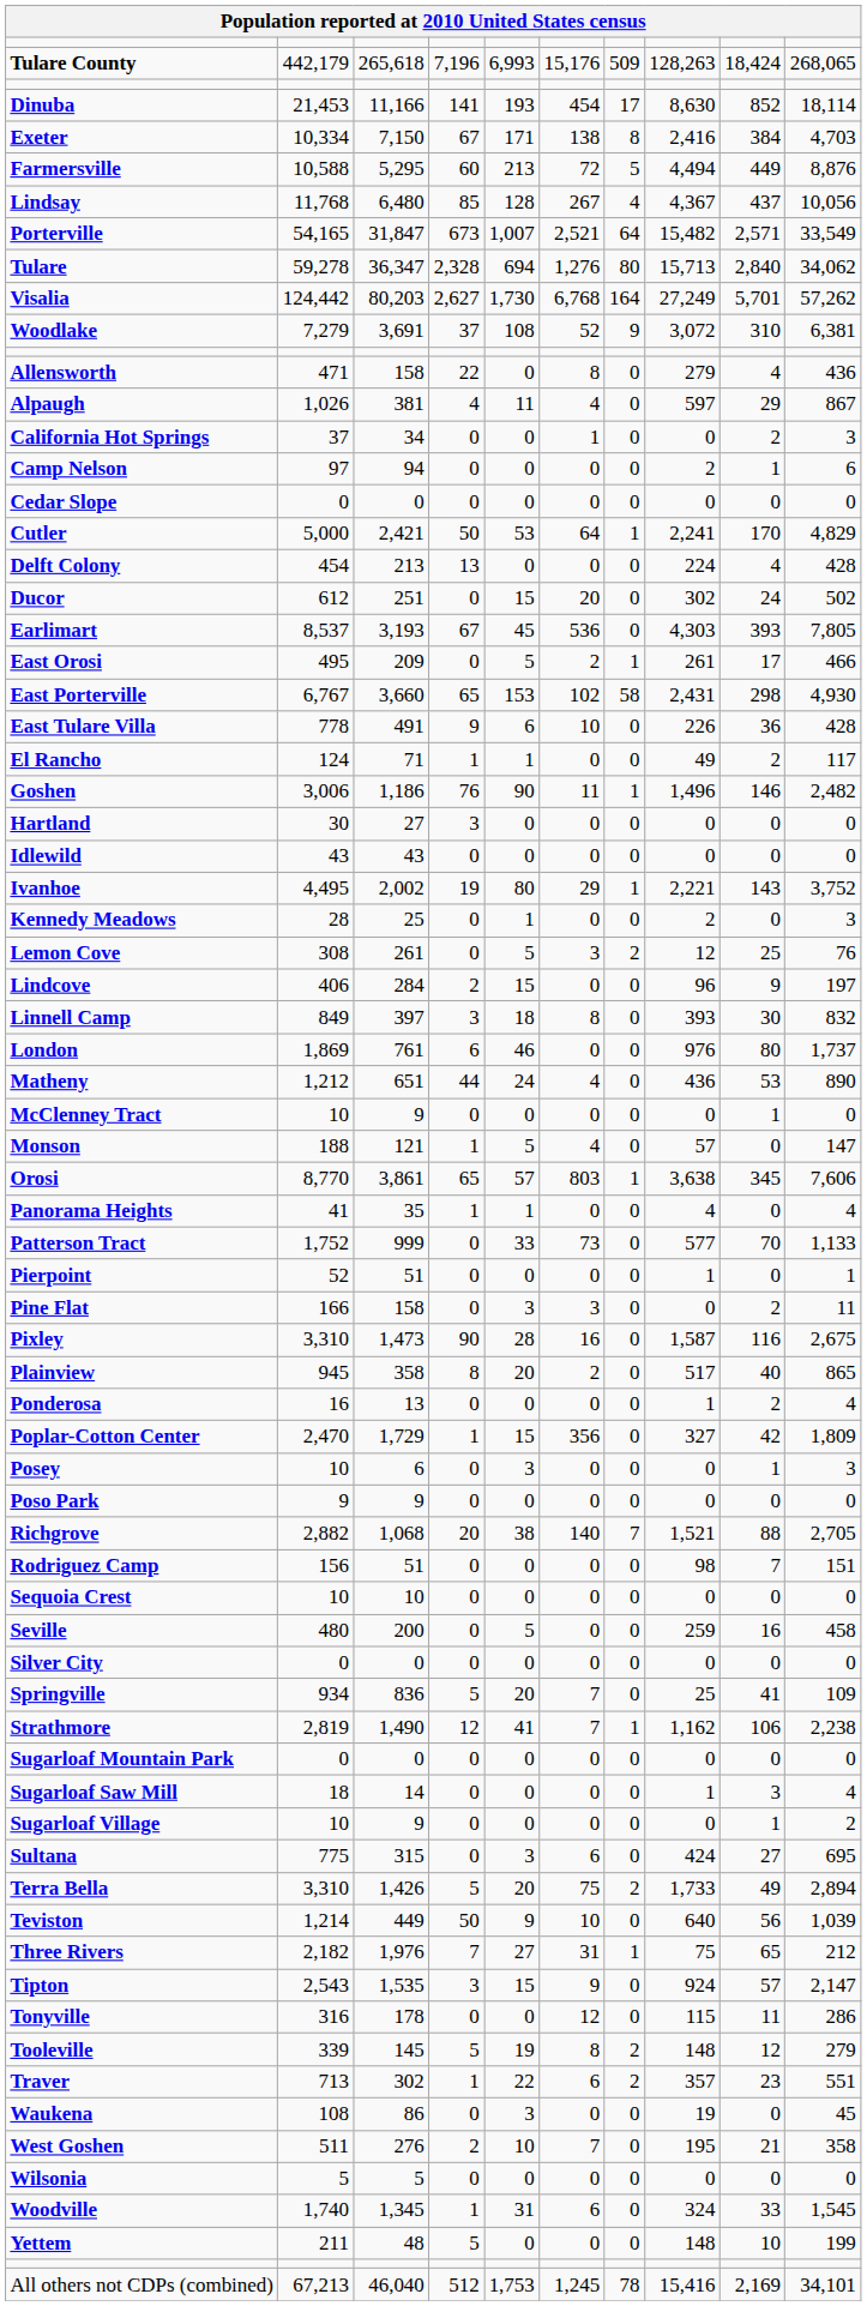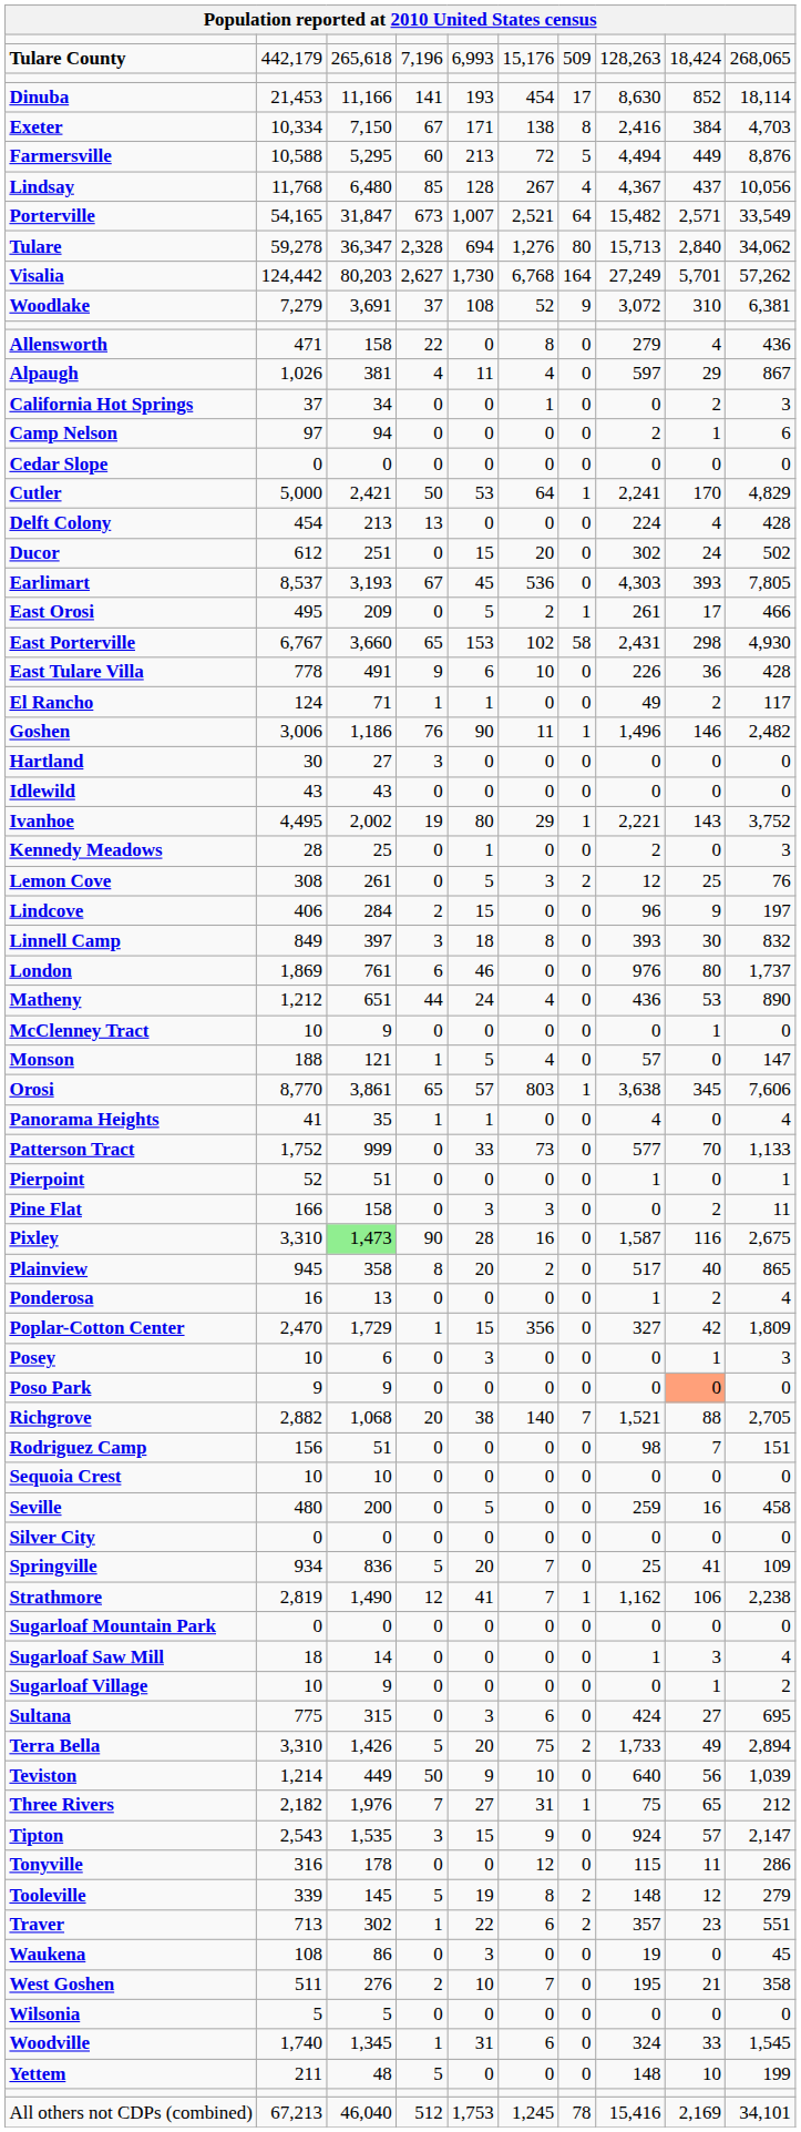 <table class="wikitable collapsible collapsed">
 <tr>
 <th colspan=10>Population reported at <a href='#'>2010 United States census</a></th>
 </tr>
 <tr>
 <td></td>
 <td></td>
 <td></td>
 <td></td>
 <td></td>
 <td></td>
 <td></td>
 <td></td>
 <td></td>
 <td></td>
 </tr>
 <tr>
 <td><strong> Tulare County</strong></td>
 <td align="right">442,179</td>
 <td align="right">265,618</td>
 <td align="right">7,196</td>
 <td align="right">6,993</td>
 <td align="right">15,176</td>
 <td align="right">509</td>
 <td align="right">128,263</td>
 <td align="right">18,424</td>
 <td align="right">268,065</td>
 </tr>
 <tr>
 <td></td>
 <td></td>
 <td></td>
 <td></td>
 <td></td>
 <td></td>
 <td></td>
 <td></td>
 <td></td>
 <td></td>
 </tr>
 <tr>
 <td><strong><a href='#'>Dinuba</a></strong></td>
 <td align="right">21,453</td>
 <td align="right">11,166</td>
 <td align="right">141</td>
 <td align="right">193</td>
 <td align="right">454</td>
 <td align="right">17</td>
 <td align="right">8,630</td>
 <td align="right">852</td>
 <td align="right">18,114</td>
 </tr>
 <tr>
 <td><strong><a href='#'>Exeter</a></strong></td>
 <td align="right">10,334</td>
 <td align="right">7,150</td>
 <td align="right">67</td>
 <td align="right">171</td>
 <td align="right">138</td>
 <td align="right">8</td>
 <td align="right">2,416</td>
 <td align="right">384</td>
 <td align="right">4,703</td>
 </tr>
 <tr>
 <td><strong><a href='#'>Farmersville</a></strong></td>
 <td align="right">10,588</td>
 <td align="right">5,295</td>
 <td align="right">60</td>
 <td align="right">213</td>
 <td align="right">72</td>
 <td align="right">5</td>
 <td align="right">4,494</td>
 <td align="right">449</td>
 <td align="right">8,876</td>
 </tr>
 <tr>
 <td><strong><a href='#'>Lindsay</a></strong></td>
 <td align="right">11,768</td>
 <td align="right">6,480</td>
 <td align="right">85</td>
 <td align="right">128</td>
 <td align="right">267</td>
 <td align="right">4</td>
 <td align="right">4,367</td>
 <td align="right">437</td>
 <td align="right">10,056</td>
 </tr>
 <tr>
 <td><strong><a href='#'>Porterville</a></strong></td>
 <td align="right">54,165</td>
 <td align="right">31,847</td>
 <td align="right">673</td>
 <td align="right">1,007</td>
 <td align="right">2,521</td>
 <td align="right">64</td>
 <td align="right">15,482</td>
 <td align="right">2,571</td>
 <td align="right">33,549</td>
 </tr>
 <tr>
 <td><strong><a href='#'>Tulare</a></strong></td>
 <td align="right">59,278</td>
 <td align="right">36,347</td>
 <td align="right">2,328</td>
 <td align="right">694</td>
 <td align="right">1,276</td>
 <td align="right">80</td>
 <td align="right">15,713</td>
 <td align="right">2,840</td>
 <td align="right">34,062</td>
 </tr>
 <tr>
 <td><strong><a href='#'>Visalia</a></strong></td>
 <td align="right">124,442</td>
 <td align="right">80,203</td>
 <td align="right">2,627</td>
 <td align="right">1,730</td>
 <td align="right">6,768</td>
 <td align="right">164</td>
 <td align="right">27,249</td>
 <td align="right">5,701</td>
 <td align="right">57,262</td>
 </tr>
 <tr>
 <td><strong><a href='#'>Woodlake</a></strong></td>
 <td align="right">7,279</td>
 <td align="right">3,691</td>
 <td align="right">37</td>
 <td align="right">108</td>
 <td align="right">52</td>
 <td align="right">9</td>
 <td align="right">3,072</td>
 <td align="right">310</td>
 <td align="right">6,381</td>
 </tr>
 <tr>
 <td></td>
 <td></td>
 <td></td>
 <td></td>
 <td></td>
 <td></td>
 <td></td>
 <td></td>
 <td></td>
 <td></td>
 </tr>
 <tr>
 <td><strong><a href='#'>Allensworth</a></strong></td>
 <td align="right">471</td>
 <td align="right">158</td>
 <td align="right">22</td>
 <td align="right">0</td>
 <td align="right">8</td>
 <td align="right">0</td>
 <td align="right">279</td>
 <td align="right">4</td>
 <td align="right">436</td>
 </tr>
 <tr>
 <td><strong><a href='#'>Alpaugh</a></strong></td>
 <td align="right">1,026</td>
 <td align="right">381</td>
 <td align="right">4</td>
 <td align="right">11</td>
 <td align="right">4</td>
 <td align="right">0</td>
 <td align="right">597</td>
 <td align="right">29</td>
 <td align="right">867</td>
 </tr>
 <tr>
 <td><strong><a href='#'>California Hot Springs</a></strong></td>
 <td align="right">37</td>
 <td align="right">34</td>
 <td align="right">0</td>
 <td align="right">0</td>
 <td align="right">1</td>
 <td align="right">0</td>
 <td align="right">0</td>
 <td align="right">2</td>
 <td align="right">3</td>
 </tr>
 <tr>
 <td><strong><a href='#'>Camp Nelson</a></strong></td>
 <td align="right">97</td>
 <td align="right">94</td>
 <td align="right">0</td>
 <td align="right">0</td>
 <td align="right">0</td>
 <td align="right">0</td>
 <td align="right">2</td>
 <td align="right">1</td>
 <td align="right">6</td>
 </tr>
 <tr>
 <td><strong><a href='#'>Cedar Slope</a></strong></td>
 <td align="right">0</td>
 <td align="right">0</td>
 <td align="right">0</td>
 <td align="right">0</td>
 <td align="right">0</td>
 <td align="right">0</td>
 <td align="right">0</td>
 <td align="right">0</td>
 <td align="right">0</td>
 </tr>
 <tr>
 <td><strong><a href='#'>Cutler</a></strong></td>
 <td align="right">5,000</td>
 <td align="right">2,421</td>
 <td align="right">50</td>
 <td align="right">53</td>
 <td align="right">64</td>
 <td align="right">1</td>
 <td align="right">2,241</td>
 <td align="right">170</td>
 <td align="right">4,829</td>
 </tr>
 <tr>
 <td><strong><a href='#'>Delft Colony</a></strong></td>
 <td align="right">454</td>
 <td align="right">213</td>
 <td align="right">13</td>
 <td align="right">0</td>
 <td align="right">0</td>
 <td align="right">0</td>
 <td align="right">224</td>
 <td align="right">4</td>
 <td align="right">428</td>
 </tr>
 <tr>
 <td><strong><a href='#'>Ducor</a></strong></td>
 <td align="right">612</td>
 <td align="right">251</td>
 <td align="right">0</td>
 <td align="right">15</td>
 <td align="right">20</td>
 <td align="right">0</td>
 <td align="right">302</td>
 <td align="right">24</td>
 <td align="right">502</td>
 </tr>
 <tr>
 <td><strong><a href='#'>Earlimart</a></strong></td>
 <td align="right">8,537</td>
 <td align="right">3,193</td>
 <td align="right">67</td>
 <td align="right">45</td>
 <td align="right">536</td>
 <td align="right">0</td>
 <td align="right">4,303</td>
 <td align="right">393</td>
 <td align="right">7,805</td>
 </tr>
 <tr>
 <td><strong><a href='#'>East Orosi</a></strong></td>
 <td align="right">495</td>
 <td align="right">209</td>
 <td align="right">0</td>
 <td align="right">5</td>
 <td align="right">2</td>
 <td align="right">1</td>
 <td align="right">261</td>
 <td align="right">17</td>
 <td align="right">466</td>
 </tr>
 <tr>
 <td><strong><a href='#'>East Porterville</a></strong></td>
 <td align="right">6,767</td>
 <td align="right">3,660</td>
 <td align="right">65</td>
 <td align="right">153</td>
 <td align="right">102</td>
 <td align="right">58</td>
 <td align="right">2,431</td>
 <td align="right">298</td>
 <td align="right">4,930</td>
 </tr>
 <tr>
 <td><strong><a href='#'>East Tulare Villa</a></strong></td>
 <td align="right">778</td>
 <td align="right">491</td>
 <td align="right">9</td>
 <td align="right">6</td>
 <td align="right">10</td>
 <td align="right">0</td>
 <td align="right">226</td>
 <td align="right">36</td>
 <td align="right">428</td>
 </tr>
 <tr>
 <td><strong><a href='#'>El Rancho</a></strong></td>
 <td align="right">124</td>
 <td align="right">71</td>
 <td align="right">1</td>
 <td align="right">1</td>
 <td align="right">0</td>
 <td align="right">0</td>
 <td align="right">49</td>
 <td align="right">2</td>
 <td align="right">117</td>
 </tr>
 <tr>
 <td><strong><a href='#'>Goshen</a></strong></td>
 <td align="right">3,006</td>
 <td align="right">1,186</td>
 <td align="right">76</td>
 <td align="right">90</td>
 <td align="right">11</td>
 <td align="right">1</td>
 <td align="right">1,496</td>
 <td align="right">146</td>
 <td align="right">2,482</td>
 </tr>
 <tr>
 <td><strong><a href='#'>Hartland</a></strong></td>
 <td align="right">30</td>
 <td align="right">27</td>
 <td align="right">3</td>
 <td align="right">0</td>
 <td align="right">0</td>
 <td align="right">0</td>
 <td align="right">0</td>
 <td align="right">0</td>
 <td align="right">0</td>
 </tr>
 <tr>
 <td><strong><a href='#'>Idlewild</a></strong></td>
 <td align="right">43</td>
 <td align="right">43</td>
 <td align="right">0</td>
 <td align="right">0</td>
 <td align="right">0</td>
 <td align="right">0</td>
 <td align="right">0</td>
 <td align="right">0</td>
 <td align="right">0</td>
 </tr>
 <tr>
 <td><strong><a href='#'>Ivanhoe</a></strong></td>
 <td align="right">4,495</td>
 <td align="right">2,002</td>
 <td align="right">19</td>
 <td align="right">80</td>
 <td align="right">29</td>
 <td align="right">1</td>
 <td align="right">2,221</td>
 <td align="right">143</td>
 <td align="right">3,752</td>
 </tr>
 <tr>
 <td><strong><a href='#'>Kennedy Meadows</a></strong></td>
 <td align="right">28</td>
 <td align="right">25</td>
 <td align="right">0</td>
 <td align="right">1</td>
 <td align="right">0</td>
 <td align="right">0</td>
 <td align="right">2</td>
 <td align="right">0</td>
 <td align="right">3</td>
 </tr>
 <tr>
 <td><strong><a href='#'>Lemon Cove</a></strong></td>
 <td align="right">308</td>
 <td align="right">261</td>
 <td align="right">0</td>
 <td align="right">5</td>
 <td align="right">3</td>
 <td align="right">2</td>
 <td align="right">12</td>
 <td align="right">25</td>
 <td align="right">76</td>
 </tr>
 <tr>
 <td><strong><a href='#'>Lindcove</a></strong></td>
 <td align="right">406</td>
 <td align="right">284</td>
 <td align="right">2</td>
 <td align="right">15</td>
 <td align="right">0</td>
 <td align="right">0</td>
 <td align="right">96</td>
 <td align="right">9</td>
 <td align="right">197</td>
 </tr>
 <tr>
 <td><strong><a href='#'>Linnell Camp</a></strong></td>
 <td align="right">849</td>
 <td align="right">397</td>
 <td align="right">3</td>
 <td align="right">18</td>
 <td align="right">8</td>
 <td align="right">0</td>
 <td align="right">393</td>
 <td align="right">30</td>
 <td align="right">832</td>
 </tr>
 <tr>
 <td><strong><a href='#'>London</a></strong></td>
 <td align="right">1,869</td>
 <td align="right">761</td>
 <td align="right">6</td>
 <td align="right">46</td>
 <td align="right">0</td>
 <td align="right">0</td>
 <td align="right">976</td>
 <td align="right">80</td>
 <td align="right">1,737</td>
 </tr>
 <tr>
 <td><strong><a href='#'>Matheny</a></strong></td>
 <td align="right">1,212</td>
 <td align="right">651</td>
 <td align="right">44</td>
 <td align="right">24</td>
 <td align="right">4</td>
 <td align="right">0</td>
 <td align="right">436</td>
 <td align="right">53</td>
 <td align="right">890</td>
 </tr>
 <tr>
 <td><strong><a href='#'>McClenney Tract</a></strong></td>
 <td align="right">10</td>
 <td align="right">9</td>
 <td align="right">0</td>
 <td align="right">0</td>
 <td align="right">0</td>
 <td align="right">0</td>
 <td align="right">0</td>
 <td align="right">1</td>
 <td align="right">0</td>
 </tr>
 <tr>
 <td><strong><a href='#'>Monson</a></strong></td>
 <td align="right">188</td>
 <td align="right">121</td>
 <td align="right">1</td>
 <td align="right">5</td>
 <td align="right">4</td>
 <td align="right">0</td>
 <td align="right">57</td>
 <td align="right">0</td>
 <td align="right">147</td>
 </tr>
 <tr>
 <td><strong><a href='#'>Orosi</a></strong></td>
 <td align="right">8,770</td>
 <td align="right">3,861</td>
 <td align="right">65</td>
 <td align="right">57</td>
 <td align="right">803</td>
 <td align="right">1</td>
 <td align="right">3,638</td>
 <td align="right">345</td>
 <td align="right">7,606</td>
 </tr>
 <tr>
 <td><strong><a href='#'>Panorama Heights</a></strong></td>
 <td align="right">41</td>
 <td align="right">35</td>
 <td align="right">1</td>
 <td align="right">1</td>
 <td align="right">0</td>
 <td align="right">0</td>
 <td align="right">4</td>
 <td align="right">0</td>
 <td align="right">4</td>
 </tr>
 <tr>
 <td><strong><a href='#'>Patterson Tract</a></strong></td>
 <td align="right">1,752</td>
 <td align="right">999</td>
 <td align="right">0</td>
 <td align="right">33</td>
 <td align="right">73</td>
 <td align="right">0</td>
 <td align="right">577</td>
 <td align="right">70</td>
 <td align="right">1,133</td>
 </tr>
 <tr>
 <td><strong><a href='#'>Pierpoint</a></strong></td>
 <td align="right">52</td>
 <td align="right">51</td>
 <td align="right">0</td>
 <td align="right">0</td>
 <td align="right">0</td>
 <td align="right">0</td>
 <td align="right">1</td>
 <td align="right">0</td>
 <td align="right">1</td>
 </tr>
 <tr>
 <td><strong><a href='#'>Pine Flat</a></strong></td>
 <td align="right">166</td>
 <td align="right">158</td>
 <td align="right">0</td>
 <td align="right">3</td>
 <td align="right">3</td>
 <td align="right">0</td>
 <td align="right">0</td>
 <td align="right">2</td>
 <td align="right">11</td>
 </tr>
 <tr>
 <td><strong><a href='#'>Pixley</a></strong></td>
 <td align="right">3,310</td>
-<td align="right">1,473</td>
+<td align="right" style="background: lightgreen;">1,473</td>
 <td align="right">90</td>
 <td align="right">28</td>
 <td align="right">16</td>
 <td align="right">0</td>
 <td align="right">1,587</td>
 <td align="right">116</td>
 <td align="right">2,675</td>
 </tr>
 <tr>
 <td><strong><a href='#'>Plainview</a></strong></td>
 <td align="right">945</td>
 <td align="right">358</td>
 <td align="right">8</td>
 <td align="right">20</td>
 <td align="right">2</td>
 <td align="right">0</td>
 <td align="right">517</td>
 <td align="right">40</td>
 <td align="right">865</td>
 </tr>
 <tr>
 <td><strong><a href='#'>Ponderosa</a></strong></td>
 <td align="right">16</td>
 <td align="right">13</td>
 <td align="right">0</td>
 <td align="right">0</td>
 <td align="right">0</td>
 <td align="right">0</td>
 <td align="right">1</td>
 <td align="right">2</td>
 <td align="right">4</td>
 </tr>
 <tr>
 <td><strong><a href='#'>Poplar-Cotton Center</a></strong></td>
 <td align="right">2,470</td>
 <td align="right">1,729</td>
 <td align="right">1</td>
 <td align="right">15</td>
 <td align="right">356</td>
 <td align="right">0</td>
 <td align="right">327</td>
 <td align="right">42</td>
 <td align="right">1,809</td>
 </tr>
 <tr>
 <td><strong><a href='#'>Posey</a></strong></td>
 <td align="right">10</td>
 <td align="right">6</td>
 <td align="right">0</td>
 <td align="right">3</td>
 <td align="right">0</td>
 <td align="right">0</td>
 <td align="right">0</td>
 <td align="right">1</td>
 <td align="right">3</td>
 </tr>
 <tr>
 <td><strong><a href='#'>Poso Park</a></strong></td>
 <td align="right">9</td>
 <td align="right">9</td>
 <td align="right">0</td>
 <td align="right">0</td>
 <td align="right">0</td>
 <td align="right">0</td>
 <td align="right">0</td>
-<td align="right">0</td>
+<td align="right" style="background: lightsalmon;">0</td>
 <td align="right">0</td>
 </tr>
 <tr>
 <td><strong><a href='#'>Richgrove</a></strong></td>
 <td align="right">2,882</td>
 <td align="right">1,068</td>
 <td align="right">20</td>
 <td align="right">38</td>
 <td align="right">140</td>
 <td align="right">7</td>
 <td align="right">1,521</td>
 <td align="right">88</td>
 <td align="right">2,705</td>
 </tr>
 <tr>
 <td><strong><a href='#'>Rodriguez Camp</a></strong></td>
 <td align="right">156</td>
 <td align="right">51</td>
 <td align="right">0</td>
 <td align="right">0</td>
 <td align="right">0</td>
 <td align="right">0</td>
 <td align="right">98</td>
 <td align="right">7</td>
 <td align="right">151</td>
 </tr>
 <tr>
 <td><strong><a href='#'>Sequoia Crest</a></strong></td>
 <td align="right">10</td>
 <td align="right">10</td>
 <td align="right">0</td>
 <td align="right">0</td>
 <td align="right">0</td>
 <td align="right">0</td>
 <td align="right">0</td>
 <td align="right">0</td>
 <td align="right">0</td>
 </tr>
 <tr>
 <td><strong><a href='#'>Seville</a></strong></td>
 <td align="right">480</td>
 <td align="right">200</td>
 <td align="right">0</td>
 <td align="right">5</td>
 <td align="right">0</td>
 <td align="right">0</td>
 <td align="right">259</td>
 <td align="right">16</td>
 <td align="right">458</td>
 </tr>
 <tr>
 <td><strong><a href='#'>Silver City</a></strong></td>
 <td align="right">0</td>
 <td align="right">0</td>
 <td align="right">0</td>
 <td align="right">0</td>
 <td align="right">0</td>
 <td align="right">0</td>
 <td align="right">0</td>
 <td align="right">0</td>
 <td align="right">0</td>
 </tr>
 <tr>
 <td><strong><a href='#'>Springville</a></strong></td>
 <td align="right">934</td>
 <td align="right">836</td>
 <td align="right">5</td>
 <td align="right">20</td>
 <td align="right">7</td>
 <td align="right">0</td>
 <td align="right">25</td>
 <td align="right">41</td>
 <td align="right">109</td>
 </tr>
 <tr>
 <td><strong><a href='#'>Strathmore</a></strong></td>
 <td align="right">2,819</td>
 <td align="right">1,490</td>
 <td align="right">12</td>
 <td align="right">41</td>
 <td align="right">7</td>
 <td align="right">1</td>
 <td align="right">1,162</td>
 <td align="right">106</td>
 <td align="right">2,238</td>
 </tr>
 <tr>
 <td><strong><a href='#'>Sugarloaf Mountain Park</a></strong></td>
 <td align="right">0</td>
 <td align="right">0</td>
 <td align="right">0</td>
 <td align="right">0</td>
 <td align="right">0</td>
 <td align="right">0</td>
 <td align="right">0</td>
 <td align="right">0</td>
 <td align="right">0</td>
 </tr>
 <tr>
 <td><strong><a href='#'>Sugarloaf Saw Mill</a></strong></td>
 <td align="right">18</td>
 <td align="right">14</td>
 <td align="right">0</td>
 <td align="right">0</td>
 <td align="right">0</td>
 <td align="right">0</td>
 <td align="right">1</td>
 <td align="right">3</td>
 <td align="right">4</td>
 </tr>
 <tr>
 <td><strong><a href='#'>Sugarloaf Village</a></strong></td>
 <td align="right">10</td>
 <td align="right">9</td>
 <td align="right">0</td>
 <td align="right">0</td>
 <td align="right">0</td>
 <td align="right">0</td>
 <td align="right">0</td>
 <td align="right">1</td>
 <td align="right">2</td>
 </tr>
 <tr>
 <td><strong><a href='#'>Sultana</a></strong></td>
 <td align="right">775</td>
 <td align="right">315</td>
 <td align="right">0</td>
 <td align="right">3</td>
 <td align="right">6</td>
 <td align="right">0</td>
 <td align="right">424</td>
 <td align="right">27</td>
 <td align="right">695</td>
 </tr>
 <tr>
 <td><strong><a href='#'>Terra Bella</a></strong></td>
 <td align="right">3,310</td>
 <td align="right">1,426</td>
 <td align="right">5</td>
 <td align="right">20</td>
 <td align="right">75</td>
 <td align="right">2</td>
 <td align="right">1,733</td>
 <td align="right">49</td>
 <td align="right">2,894</td>
 </tr>
 <tr>
 <td><strong><a href='#'>Teviston</a></strong></td>
 <td align="right">1,214</td>
 <td align="right">449</td>
 <td align="right">50</td>
 <td align="right">9</td>
 <td align="right">10</td>
 <td align="right">0</td>
 <td align="right">640</td>
 <td align="right">56</td>
 <td align="right">1,039</td>
 </tr>
 <tr>
 <td><strong><a href='#'>Three Rivers</a></strong></td>
 <td align="right">2,182</td>
 <td align="right">1,976</td>
 <td align="right">7</td>
 <td align="right">27</td>
 <td align="right">31</td>
 <td align="right">1</td>
 <td align="right">75</td>
 <td align="right">65</td>
 <td align="right">212</td>
 </tr>
 <tr>
 <td><strong><a href='#'>Tipton</a></strong></td>
 <td align="right">2,543</td>
 <td align="right">1,535</td>
 <td align="right">3</td>
 <td align="right">15</td>
 <td align="right">9</td>
 <td align="right">0</td>
 <td align="right">924</td>
 <td align="right">57</td>
 <td align="right">2,147</td>
 </tr>
 <tr>
 <td><strong><a href='#'>Tonyville</a></strong></td>
 <td align="right">316</td>
 <td align="right">178</td>
 <td align="right">0</td>
 <td align="right">0</td>
 <td align="right">12</td>
 <td align="right">0</td>
 <td align="right">115</td>
 <td align="right">11</td>
 <td align="right">286</td>
 </tr>
 <tr>
 <td><strong><a href='#'>Tooleville</a></strong></td>
 <td align="right">339</td>
 <td align="right">145</td>
 <td align="right">5</td>
 <td align="right">19</td>
 <td align="right">8</td>
 <td align="right">2</td>
 <td align="right">148</td>
 <td align="right">12</td>
 <td align="right">279</td>
 </tr>
 <tr>
 <td><strong><a href='#'>Traver</a></strong></td>
 <td align="right">713</td>
 <td align="right">302</td>
 <td align="right">1</td>
 <td align="right">22</td>
 <td align="right">6</td>
 <td align="right">2</td>
 <td align="right">357</td>
 <td align="right">23</td>
 <td align="right">551</td>
 </tr>
 <tr>
 <td><strong><a href='#'>Waukena</a></strong></td>
 <td align="right">108</td>
 <td align="right">86</td>
 <td align="right">0</td>
 <td align="right">3</td>
 <td align="right">0</td>
 <td align="right">0</td>
 <td align="right">19</td>
 <td align="right">0</td>
 <td align="right">45</td>
 </tr>
 <tr>
 <td><strong><a href='#'>West Goshen</a></strong></td>
 <td align="right">511</td>
 <td align="right">276</td>
 <td align="right">2</td>
 <td align="right">10</td>
 <td align="right">7</td>
 <td align="right">0</td>
 <td align="right">195</td>
 <td align="right">21</td>
 <td align="right">358</td>
 </tr>
 <tr>
 <td><strong><a href='#'>Wilsonia</a></strong></td>
 <td align="right">5</td>
 <td align="right">5</td>
 <td align="right">0</td>
 <td align="right">0</td>
 <td align="right">0</td>
 <td align="right">0</td>
 <td align="right">0</td>
 <td align="right">0</td>
 <td align="right">0</td>
 </tr>
 <tr>
 <td><strong><a href='#'>Woodville</a></strong></td>
 <td align="right">1,740</td>
 <td align="right">1,345</td>
 <td align="right">1</td>
 <td align="right">31</td>
 <td align="right">6</td>
 <td align="right">0</td>
 <td align="right">324</td>
 <td align="right">33</td>
 <td align="right">1,545</td>
 </tr>
 <tr>
 <td><strong><a href='#'>Yettem</a></strong></td>
 <td align="right">211</td>
 <td align="right">48</td>
 <td align="right">5</td>
 <td align="right">0</td>
 <td align="right">0</td>
 <td align="right">0</td>
 <td align="right">148</td>
 <td align="right">10</td>
 <td align="right">199</td>
 </tr>
 <tr>
 <td></td>
 <td></td>
 <td></td>
 <td></td>
 <td></td>
 <td></td>
 <td></td>
 <td></td>
 <td></td>
 <td></td>
 </tr>
 <tr>
 <td>All others not CDPs (combined)</td>
 <td align="right">67,213</td>
 <td align="right">46,040</td>
 <td align="right">512</td>
 <td align="right">1,753</td>
 <td align="right">1,245</td>
 <td align="right">78</td>
 <td align="right">15,416</td>
 <td align="right">2,169</td>
 <td align="right">34,101</td>
 </tr>
 </table>
